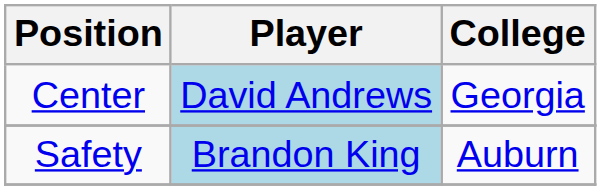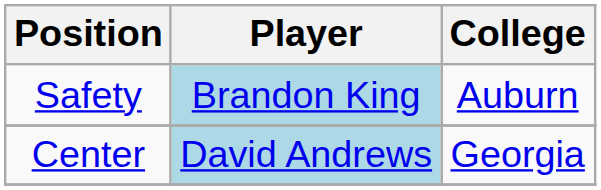 <table class="wikitable" style="text-align:center;">
 <tr>
 <th>Position</th>
 <th>Player</th>
 <th>College</th>
+</tr>
+<tr>
+<td><a href='#'>Safety</a></td>
+<td style="background:#ADD8E6"><a href='#'>Brandon King</a></td>
+<td><a href='#'>Auburn</a></td>
+</tr>
+<tr>
 </tr>
 <tr>
 <td><a href='#'>Center</a></td>
 <td style="background:#ADD8E6"><a href='#'>David Andrews</a></td>
 <td><a href='#'>Georgia</a></td>
 </tr>
 <tr>
 </tr>
-<tr>
-<td><a href='#'>Safety</a></td>
-<td style="background:#ADD8E6"><a href='#'>Brandon King</a></td>
-<td><a href='#'>Auburn</a></td>
-</tr>
-<tr>
-</tr>
 </table>
